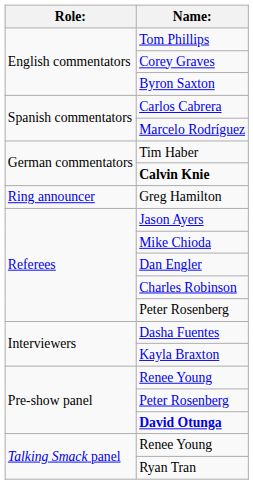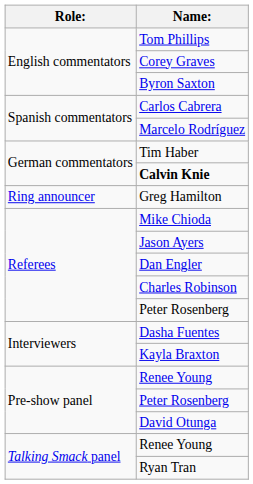 <table class=wikitable style="font-size:90%; margin: 0.5em 0 0.5em 1em; float: right; clear: right;">
 <tr>
 <th>Role:</th>
 <th>Name:</th>
 </tr>
 <tr>
 <td rowspan=3>English commentators</td>
 <td><a href='#'>Tom Phillips</a></td>
 </tr>
 <tr>
 <td><a href='#'>Corey Graves</a></td>
 </tr>
 <tr>
 <td><a href='#'>Byron Saxton</a></td>
 </tr>
 <tr>
 <td rowspan=2>Spanish commentators</td>
 <td><a href='#'>Carlos Cabrera</a></td>
 </tr>
 <tr>
 <td><a href='#'>Marcelo Rodríguez</a></td>
 </tr>
 <tr>
 <td rowspan=2>German commentators</td>
 <td>Tim Haber</td>
 </tr>
 <tr>
 <td><strong>Calvin Knie</strong></td>
 </tr>
 <tr>
 <td><a href='#'>Ring announcer</a></td>
 <td>Greg Hamilton</td>
 </tr>
 <tr>
 <td rowspan=5><a href='#'>Referees</a></td>
-<td><a href='#'>Jason Ayers</a></td>
+<td><a href='#'>Mike Chioda</a></td>
 </tr>
 <tr>
-<td><a href='#'>Mike Chioda</a></td>
+<td><a href='#'>Jason Ayers</a></td>
 </tr>
 <tr>
 <td><a href='#'>Dan Engler</a></td>
 </tr>
 <tr>
 <td><a href='#'>Charles Robinson</a></td>
 </tr>
 <tr>
 <td>Peter Rosenberg</td>
 </tr>
 <tr>
 <td rowspan=2>Interviewers</td>
 <td><a href='#'>Dasha Fuentes</a></td>
 </tr>
 <tr>
 <td><a href='#'>Kayla Braxton</a></td>
 </tr>
 <tr>
 <td rowspan=3>Pre-show panel</td>
 <td><a href='#'>Renee Young</a></td>
 </tr>
 <tr>
 <td><a href='#'>Peter Rosenberg</a></td>
 </tr>
 <tr>
-<td><strong><a href='#'>David Otunga</a></strong></td>
+<td><a href='#'>David Otunga</a></td>
 </tr>
 <tr>
 <td rowspan=2><a href='#'><em>Talking Smack</em> panel</a></td>
 <td>Renee Young</td>
 </tr>
 <tr>
 <td>Ryan Tran</td>
 </tr>
 </table>
